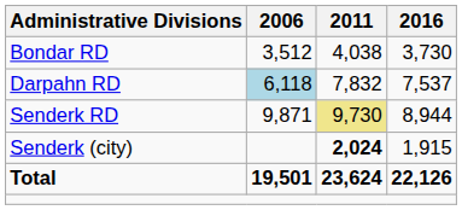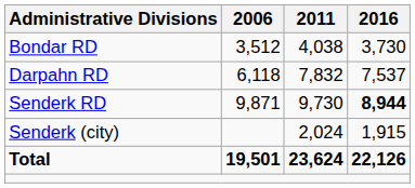 <table class="wikitable">
 <tr>
 <th>Administrative Divisions</th>
 <th>2006</th>
 <th>2011</th>
 <th>2016</th>
 </tr>
 <tr>
 <td><a href='#'>Bondar RD</a></td>
 <td style="text-align: right;">3,512</td>
 <td style="text-align: right;">4,038</td>
 <td style="text-align: right;">3,730</td>
 </tr>
 <tr>
 <td><a href='#'>Darpahn RD</a></td>
-<td style="background: lightblue; text-align: right;">6,118</td>
+<td style="text-align: right;">6,118</td>
 <td style="text-align: right;">7,832</td>
 <td style="text-align: right;">7,537</td>
 </tr>
 <tr>
 <td><a href='#'>Senderk RD</a></td>
 <td style="text-align: right;">9,871</td>
-<td style="background: khaki; text-align: right;">9,730</td>
-<td style="text-align: right;">8,944</td>
+<td style="text-align: right;">9,730</td>
+<td style="text-align: right;"><strong>8,944</strong></td>
 </tr>
 <tr>
 <td><a href='#'>Senderk</a> (city)</td>
 <td style="text-align: right;"></td>
-<td style="text-align: right;"><strong>2,024</strong></td>
+<td style="text-align: right;">2,024</td>
 <td style="text-align: right;">1,915</td>
 </tr>
 <tr>
 <td><strong>Total</strong></td>
 <td style="text-align: right;"><strong>19,501</strong></td>
 <td style="text-align: right;"><strong>23,624</strong></td>
 <td style="text-align: right;"><strong>22,126</strong></td>
 </tr>
 <tr>
 <td colspan=4></td>
 </tr>
 </table>
